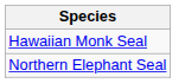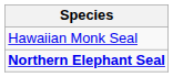 <table class="wikitable">
 <tr>
 <th>Species</th>
 </tr>
 <tr>
 <td><a href='#'>Hawaiian Monk Seal</a></td>
 </tr>
 <tr>
-<td><a href='#'>Northern Elephant Seal</a></td>
+<td><strong><a href='#'>Northern Elephant Seal</a></strong></td>
 </tr>
 </table>
